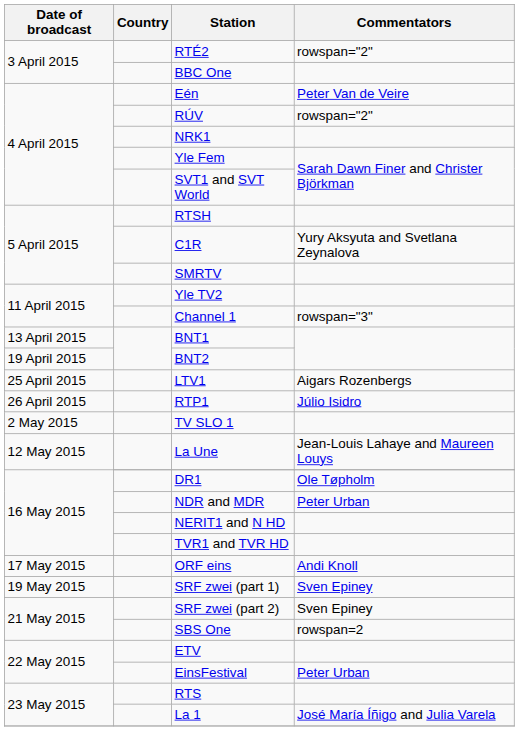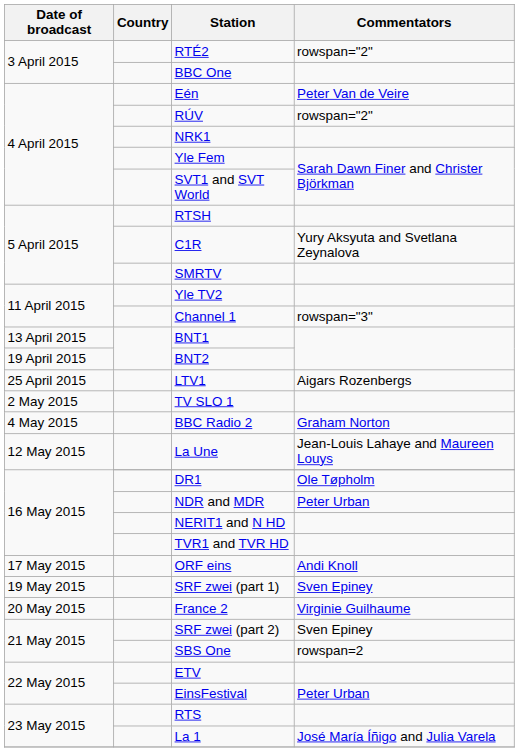 <table class="wikitable">
 <tr>
 <th>Date of broadcast</th>
 <th>Country</th>
 <th>Station</th>
 <th>Commentators</th>
 </tr>
 <tr>
 <td rowspan="2">3 April 2015</td>
 <td></td>
 <td><a href='#'>RTÉ2</a></td>
 <td>rowspan="2" </td>
 </tr>
 <tr>
 <td></td>
 <td><a href='#'>BBC One</a></td>
 </tr>
 <tr>
 <td rowspan="5">4 April 2015</td>
 <td></td>
 <td><a href='#'>Eén</a></td>
 <td><a href='#'>Peter Van de Veire</a></td>
 </tr>
 <tr>
 <td></td>
 <td><a href='#'>RÚV</a></td>
 <td>rowspan="2" </td>
 </tr>
 <tr>
 <td></td>
 <td><a href='#'>NRK1</a></td>
 </tr>
 <tr>
 <td></td>
 <td><a href='#'>Yle Fem</a></td>
 <td rowspan="2"><a href='#'>Sarah Dawn Finer</a> and <a href='#'>Christer Björkman</a></td>
 </tr>
 <tr>
 <td></td>
 <td><a href='#'>SVT1</a> and <a href='#'>SVT World</a></td>
 </tr>
 <tr>
 <td rowspan="3">5 April 2015</td>
 <td></td>
 <td><a href='#'>RTSH</a></td>
 <td></td>
 </tr>
 <tr>
 <td></td>
 <td><a href='#'>C1R</a></td>
 <td>Yury Aksyuta and Svetlana Zeynalova</td>
 </tr>
 <tr>
 <td></td>
 <td><a href='#'>SMRTV</a></td>
 <td></td>
 </tr>
 <tr>
 <td rowspan="2">11 April 2015</td>
 <td></td>
 <td><a href='#'>Yle TV2</a></td>
 <td></td>
 </tr>
 <tr>
 <td></td>
 <td><a href='#'>Channel 1</a></td>
 <td>rowspan="3" </td>
 </tr>
 <tr>
 <td>13 April 2015</td>
 <td rowspan="2"></td>
 <td><a href='#'>BNT1</a></td>
 </tr>
 <tr>
 <td>19 April 2015</td>
 <td><a href='#'>BNT2</a></td>
 </tr>
 <tr>
 <td>25 April 2015</td>
 <td></td>
 <td><a href='#'>LTV1</a></td>
 <td>Aigars Rozenbergs</td>
 </tr>
 <tr>
-<td>26 April 2015</td>
-<td></td>
-<td><a href='#'>RTP1</a></td>
-<td><a href='#'>Júlio Isidro</a></td>
-</tr>
-<tr>
 <td>2 May 2015</td>
 <td></td>
 <td><a href='#'>TV SLO 1</a></td>
 <td></td>
+</tr>
+<tr>
+<td>4 May 2015</td>
+<td></td>
+<td><a href='#'>BBC Radio 2</a></td>
+<td><a href='#'>Graham Norton</a></td>
 </tr>
 <tr>
 <td>12 May 2015</td>
 <td></td>
 <td><a href='#'>La Une</a></td>
 <td>Jean-Louis Lahaye and <a href='#'>Maureen Louys</a></td>
 </tr>
 <tr>
 <td rowspan="5">16 May 2015</td>
 </tr>
 <tr>
 <td></td>
 <td><a href='#'>DR1</a></td>
 <td><a href='#'>Ole Tøpholm</a></td>
 </tr>
 <tr>
 <td></td>
 <td><a href='#'>NDR</a> and <a href='#'>MDR</a></td>
 <td><a href='#'>Peter Urban</a></td>
 </tr>
 <tr>
 <td></td>
 <td><a href='#'>NERIT1</a> and <a href='#'>N HD</a></td>
 <td></td>
 </tr>
 <tr>
 <td></td>
 <td><a href='#'>TVR1</a> and <a href='#'>TVR HD</a></td>
 <td></td>
 </tr>
 <tr>
 <td>17 May 2015</td>
 <td></td>
 <td><a href='#'>ORF eins</a></td>
 <td><a href='#'>Andi Knoll</a></td>
 </tr>
 <tr>
 <td>19 May 2015</td>
 <td></td>
 <td><a href='#'>SRF zwei</a> (part 1)</td>
 <td><a href='#'>Sven Epiney</a></td>
 </tr>
 <tr>
+<td>20 May 2015</td>
+<td></td>
+<td><a href='#'>France 2</a></td>
+<td><a href='#'>Virginie Guilhaume</a></td>
+</tr>
+<tr>
 <td rowspan="2">21 May 2015</td>
 <td></td>
 <td><a href='#'>SRF zwei</a> (part 2)</td>
 <td>Sven Epiney</td>
 </tr>
 <tr>
 <td></td>
 <td><a href='#'>SBS One</a></td>
 <td>rowspan=2 </td>
 </tr>
 <tr>
 <td rowspan="2">22 May 2015</td>
 <td></td>
 <td><a href='#'>ETV</a></td>
 </tr>
 <tr>
 <td></td>
 <td><a href='#'>EinsFestival</a></td>
 <td><a href='#'>Peter Urban</a></td>
 </tr>
 <tr>
 <td rowspan="2">23 May 2015</td>
 <td></td>
 <td><a href='#'>RTS</a></td>
 <td></td>
 </tr>
 <tr>
 <td></td>
 <td><a href='#'>La 1</a></td>
 <td><a href='#'>José María Íñigo</a> and <a href='#'>Julia Varela</a></td>
 </tr>
 <tr>
 </tr>
 </table>
